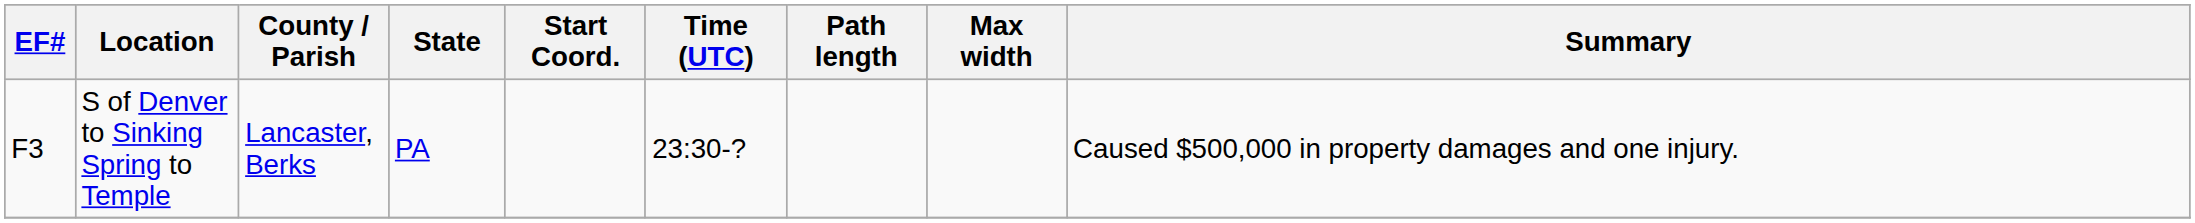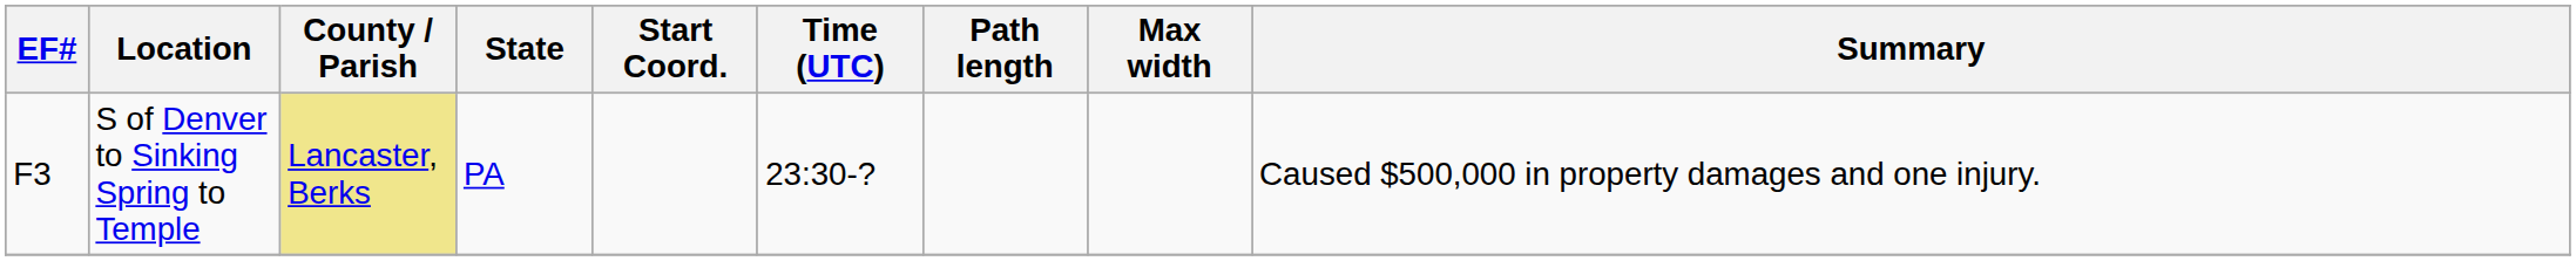 <table class="wikitable sortable" style="width:100%;">
 <tr>
 <th scope="col"  style="width:3%; text-align:center;"><a href='#'>EF#</a></th>
 <th scope="col"  style="width:7%; text-align:center;" class="unsortable">Location</th>
 <th scope="col"  style="width:6%; text-align:center;" class="unsortable">County / Parish</th>
 <th scope="col"  style="width:5%; text-align:center;">State</th>
 <th scope="col"  style="width:6%; text-align:center;">Start Coord.</th>
 <th scope="col"  style="width:6%; text-align:center;">Time (<a href='#'>UTC</a>)</th>
 <th scope="col"  style="width:6%; text-align:center;">Path length</th>
 <th scope="col"  style="width:6%; text-align:center;">Max width</th>
 <th scope="col" class="unsortable" style="width:48%; text-align:center;">Summary</th>
 </tr>
 <tr>
 <td bgcolor=>F3</td>
 <td>S of <a href='#'>Denver</a> to <a href='#'>Sinking Spring</a> to <a href='#'>Temple</a></td>
-<td><a href='#'>Lancaster</a>, <a href='#'>Berks</a></td>
+<td style="background: khaki;"><a href='#'>Lancaster</a>, <a href='#'>Berks</a></td>
 <td><a href='#'>PA</a></td>
 <td></td>
 <td>23:30-?</td>
 <td></td>
 <td></td>
 <td>Caused $500,000 in property damages and one injury.</td>
 </tr>
 <tr>
 </tr>
 </table>
